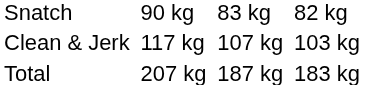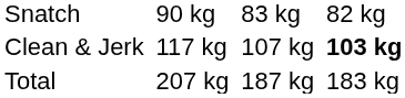 <table>
 <tr>
 <td>Snatch</td>
 <td></td>
 <td>90 kg</td>
 <td></td>
 <td>83 kg</td>
 <td></td>
 <td>82 kg</td>
 </tr>
 <tr>
 <td>Clean & Jerk</td>
 <td></td>
 <td>117 kg</td>
 <td></td>
 <td>107 kg</td>
 <td></td>
-<td>103 kg</td>
+<td><strong>103 kg</strong></td>
 </tr>
 <tr>
 <td>Total</td>
 <td></td>
 <td>207 kg</td>
 <td></td>
 <td>187 kg</td>
 <td></td>
 <td>183 kg</td>
 </tr>
 </table>
